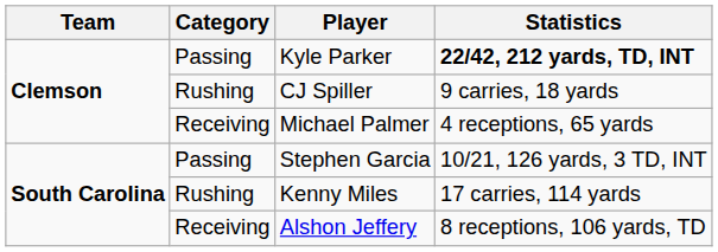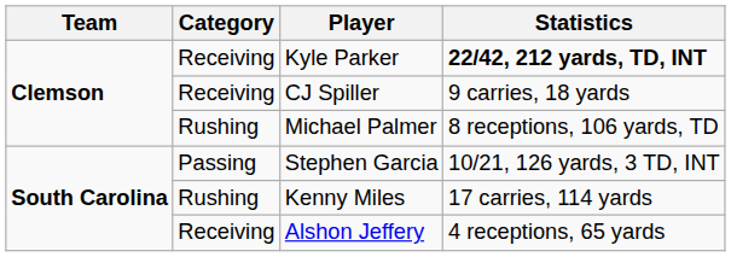 <table class="wikitable" style="float: right;">
 <tr>
 <th>Team</th>
 <th>Category</th>
 <th>Player</th>
 <th>Statistics</th>
 </tr>
 <tr>
 <td rowspan=3><strong>Clemson</strong></td>
-<td>Passing</td>
+<td>Receiving</td>
 <td>Kyle Parker</td>
 <td><strong>22/42, 212 yards, TD, INT</strong></td>
 </tr>
 <tr>
-<td>Rushing</td>
+<td>Receiving</td>
 <td>CJ Spiller</td>
 <td>9 carries, 18 yards</td>
 </tr>
 <tr>
-<td>Receiving</td>
+<td>Rushing</td>
 <td>Michael Palmer</td>
-<td>4 receptions, 65 yards</td>
+<td>8 receptions, 106 yards, TD</td>
 </tr>
 <tr>
 <td rowspan=3><strong>South Carolina</strong></td>
 <td>Passing</td>
 <td>Stephen Garcia</td>
 <td>10/21, 126 yards, 3 TD, INT</td>
 </tr>
 <tr>
 <td>Rushing</td>
 <td>Kenny Miles</td>
 <td>17 carries, 114 yards</td>
 </tr>
 <tr>
 <td>Receiving</td>
 <td><a href='#'>Alshon Jeffery</a></td>
-<td>8 receptions, 106 yards, TD</td>
+<td>4 receptions, 65 yards</td>
 </tr>
 </table>
